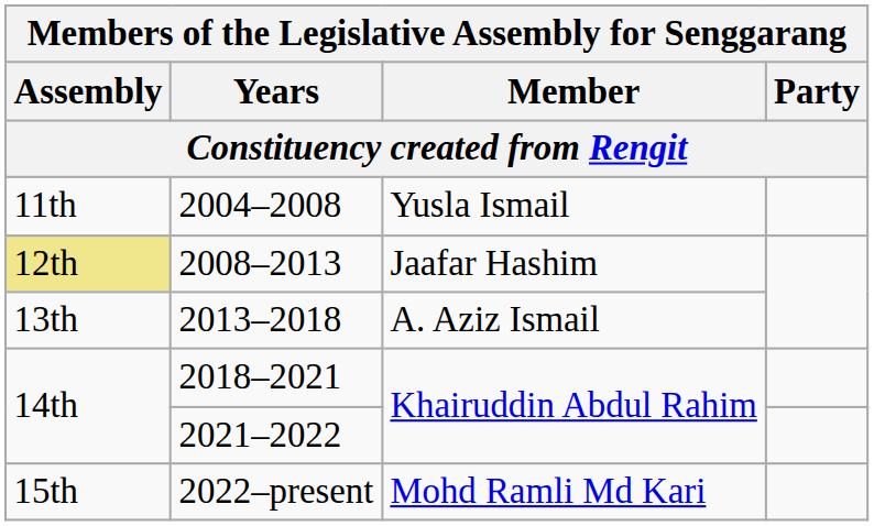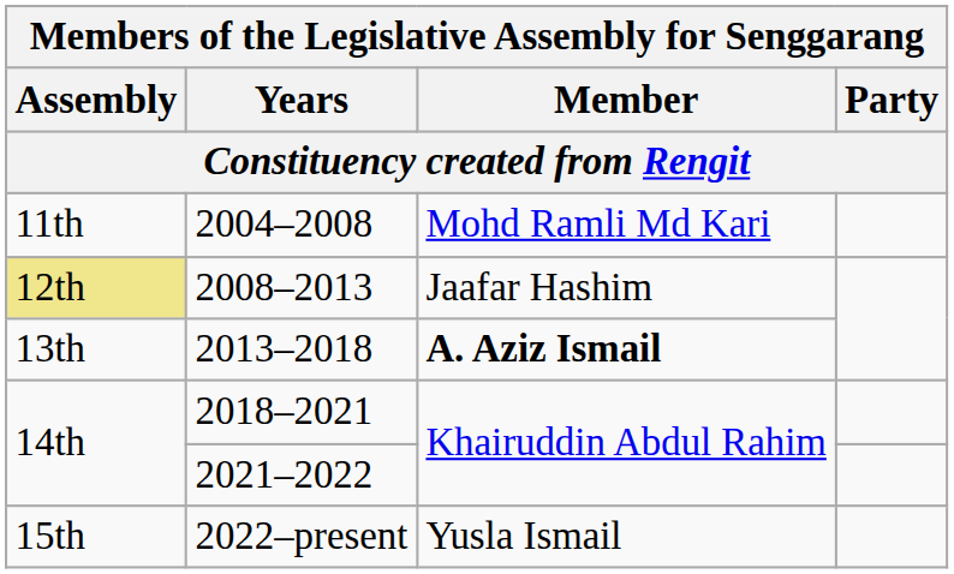 <table class="wikitable">
 <tr>
 <th colspan="4">Members of the Legislative Assembly for Senggarang</th>
 </tr>
 <tr>
 <th>Assembly</th>
 <th>Years</th>
 <th>Member</th>
 <th>Party</th>
 </tr>
 <tr>
 <th colspan="4"><em>Constituency created from <a href='#'>Rengit</a></em></th>
 </tr>
 <tr>
 <td>11th</td>
 <td>2004–2008</td>
-<td>Yusla Ismail</td>
+<td><a href='#'>Mohd Ramli Md Kari</a></td>
 <td></td>
 </tr>
 <tr>
 <td style="background: khaki;">12th</td>
 <td>2008–2013</td>
 <td>Jaafar Hashim</td>
 <td rowspan="2"></td>
 </tr>
 <tr>
 <td>13th</td>
 <td>2013–2018</td>
-<td>A. Aziz Ismail</td>
+<td><strong>A. Aziz Ismail</strong></td>
 </tr>
 <tr>
 <td rowspan="2">14th</td>
 <td>2018–2021</td>
 <td rowspan="2"><a href='#'>Khairuddin Abdul Rahim</a></td>
 <td></td>
 </tr>
 <tr>
 <td>2021–2022</td>
 <td></td>
 </tr>
 <tr>
 <td>15th</td>
 <td>2022–present</td>
-<td><a href='#'>Mohd Ramli Md Kari</a></td>
+<td>Yusla Ismail</td>
 <td></td>
 </tr>
 </table>
